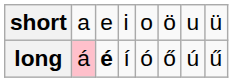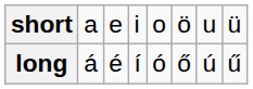 <table class="wikitable Unicode">
 <tr ---->
 <th>short</th>
 <td>a</td>
 <td>e</td>
 <td>i</td>
 <td>o</td>
 <td>ö</td>
 <td>u</td>
 <td>ü</td>
 </tr>
 <tr ---->
 <th>long</th>
-<td style="background: pink;">á</td>
-<td><strong>é</strong></td>
+<td>á</td>
+<td>é</td>
 <td>í</td>
 <td>ó</td>
 <td>ő</td>
 <td>ú</td>
 <td>ű</td>
 </tr>
 </table>
